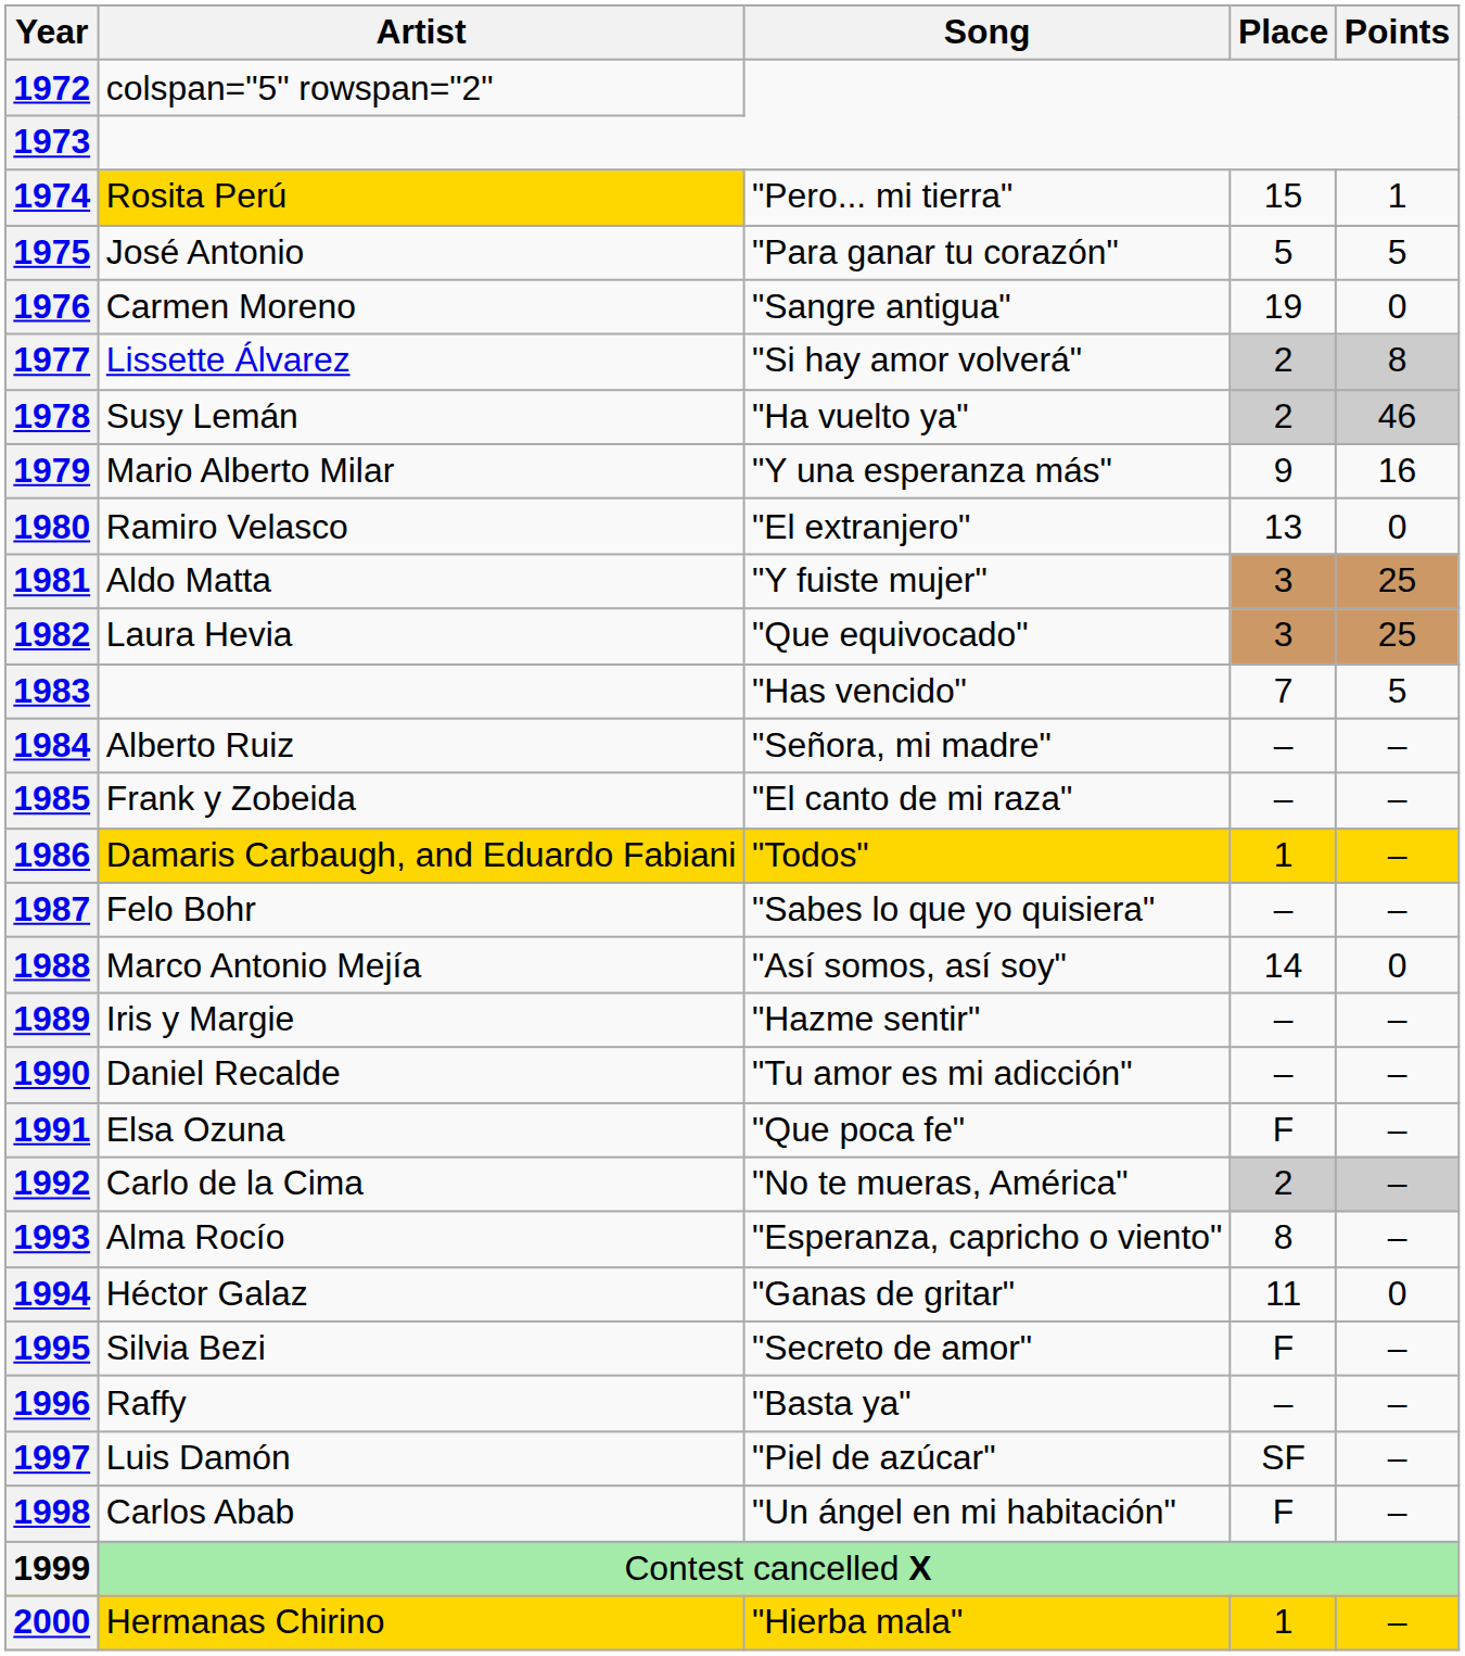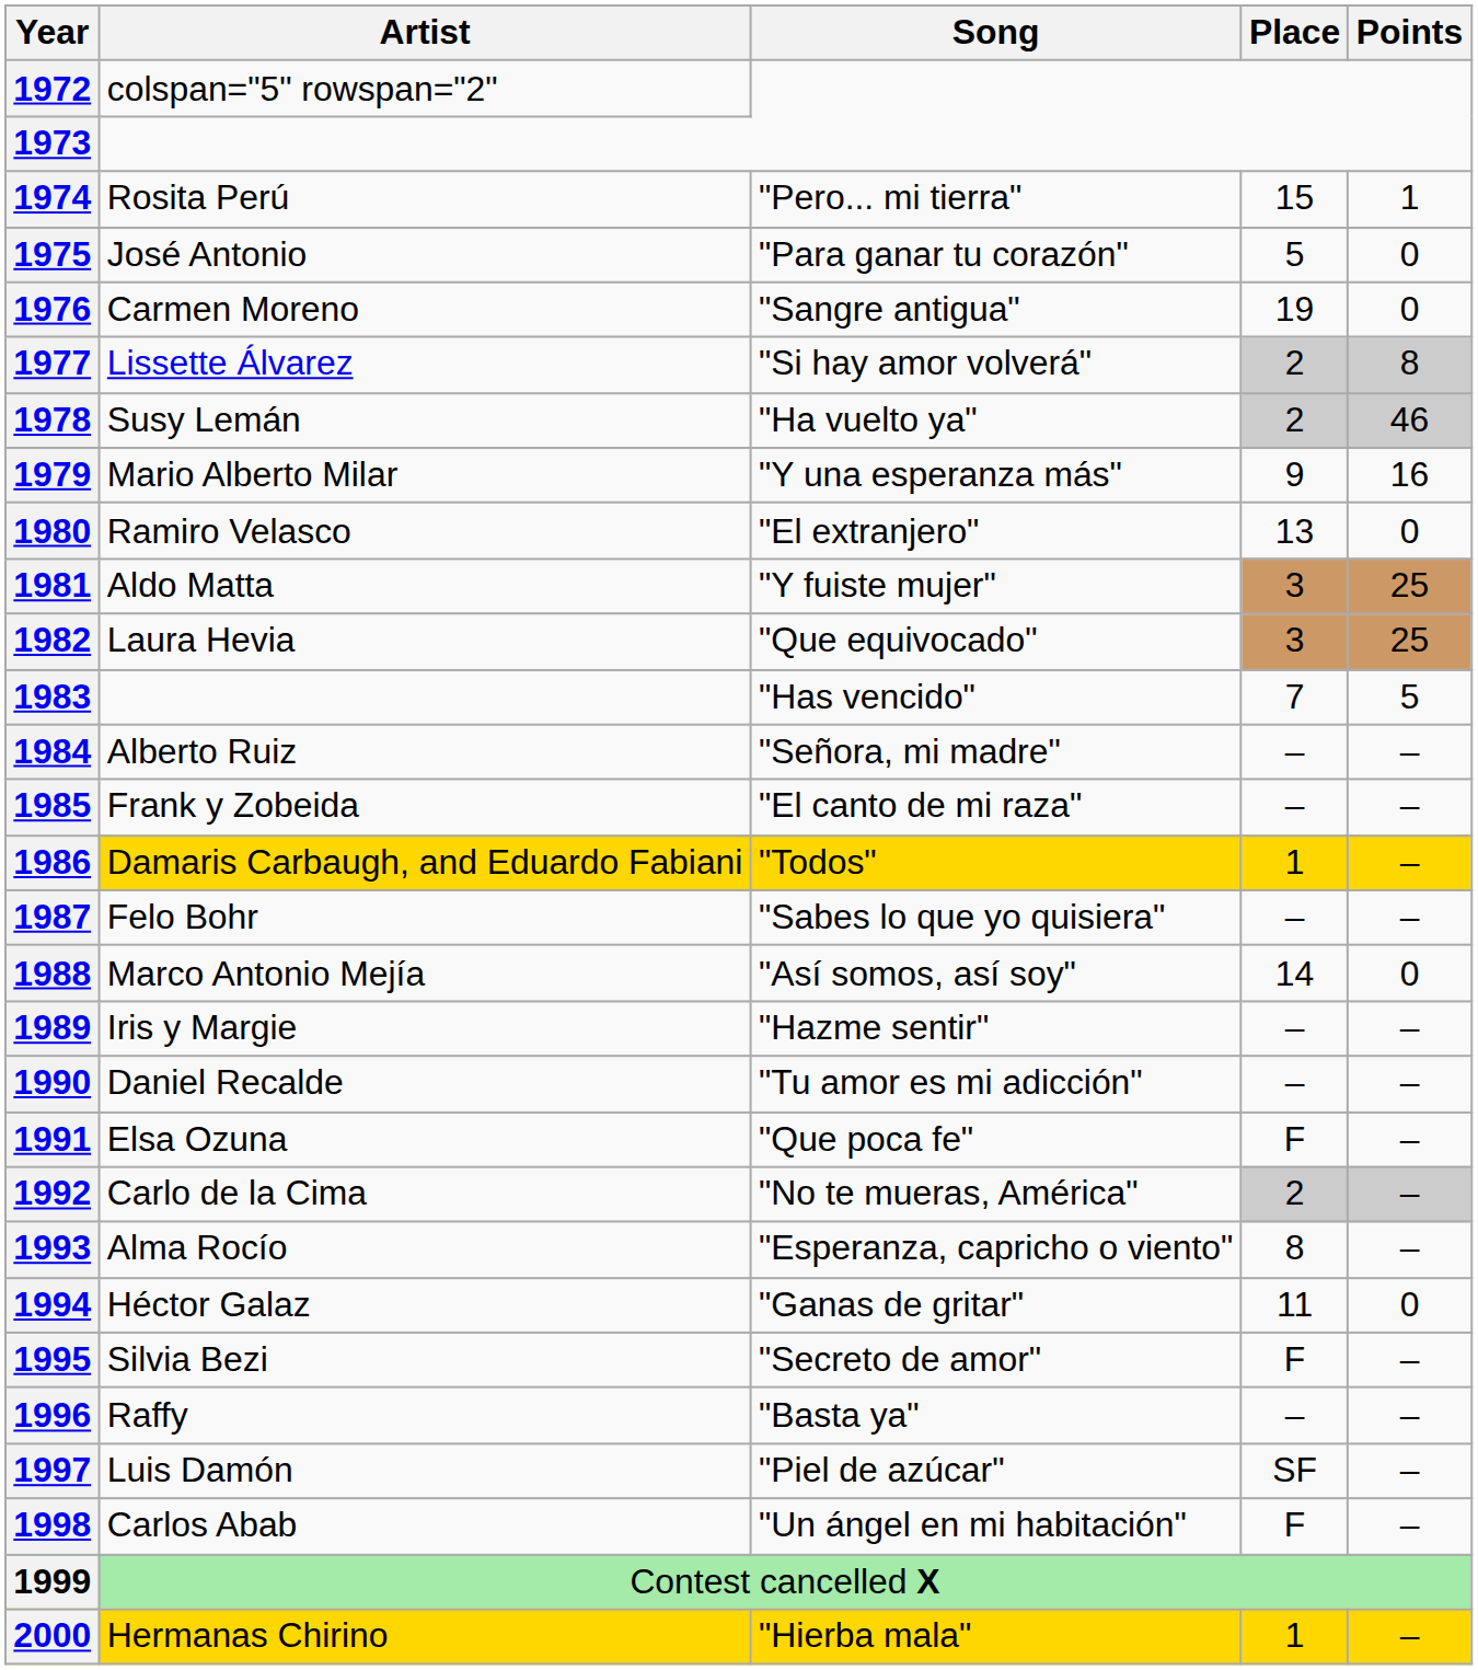 <table class="wikitable sortable plainrowheaders">
 <tr>
 <th scope="col">Year</th>
 <th scope="col">Artist</th>
 <th scope="col">Song</th>
 <th scope="col" data-sort-type="number">Place</th>
 <th scope="col" data-sort-type="number">Points</th>
 </tr>
 <tr>
 <th scope="row" style="text-align:center;"><a href='#'>1972</a></th>
 <td>colspan="5" rowspan="2" </td>
 </tr>
 <tr>
 <th scope="row" style="text-align:center;"><a href='#'>1973</a></th>
 </tr>
 <tr>
 <th scope="row" style="text-align:center;"><a href='#'>1974</a></th>
-<td style="background: gold;">Rosita Perú</td>
+<td>Rosita Perú</td>
 <td>"Pero... mi tierra"</td>
 <td style="text-align:center;">15</td>
 <td style="text-align:center;">1</td>
 </tr>
 <tr>
 <th scope="row" style="text-align:center;"><a href='#'>1975</a></th>
 <td>José Antonio</td>
 <td>"Para ganar tu corazón"</td>
 <td style="text-align:center;">5</td>
-<td style="text-align:center;">5</td>
+<td style="text-align:center;">0</td>
 </tr>
 <tr>
 <th scope="row" style="text-align:center;"><a href='#'>1976</a></th>
 <td>Carmen Moreno</td>
 <td>"Sangre antigua"</td>
 <td style="text-align:center;">19</td>
 <td style="text-align:center;">0</td>
 </tr>
 <tr>
 <th scope="row" style="text-align:center;"><a href='#'>1977</a></th>
 <td><a href='#'>Lissette Álvarez</a></td>
 <td>"Si hay amor volverá"</td>
 <td style="text-align:center; background-color:#CCC;">2</td>
 <td style="text-align:center; background-color:#CCC;">8</td>
 </tr>
 <tr>
 <th scope="row" style="text-align:center;"><a href='#'>1978</a></th>
 <td>Susy Lemán</td>
 <td>"Ha vuelto ya"</td>
 <td style="text-align:center; background-color:#CCC;">2</td>
 <td style="text-align:center; background-color:#CCC;">46</td>
 </tr>
 <tr>
 <th scope="row" style="text-align:center;"><a href='#'>1979</a></th>
 <td>Mario Alberto Milar</td>
 <td>"Y una esperanza más"</td>
 <td style="text-align:center;">9</td>
 <td style="text-align:center;">16</td>
 </tr>
 <tr>
 <th scope="row" style="text-align:center;"><a href='#'>1980</a></th>
 <td>Ramiro Velasco</td>
 <td>"El extranjero"</td>
 <td style="text-align:center;">13</td>
 <td style="text-align:center;">0</td>
 </tr>
 <tr>
 <th scope="row" style="text-align:center;"><a href='#'>1981</a></th>
 <td>Aldo Matta</td>
 <td>"Y fuiste mujer"</td>
 <td style="text-align:center; background-color:#C96;">3</td>
 <td style="text-align:center; background-color:#C96;">25</td>
 </tr>
 <tr>
 <th scope="row" style="text-align:center;"><a href='#'>1982</a></th>
 <td>Laura Hevia</td>
 <td>"Que equivocado"</td>
 <td style="text-align:center; background-color:#C96;">3</td>
 <td style="text-align:center; background-color:#C96;">25</td>
 </tr>
 <tr>
 <th scope="row" style="text-align:center;"><a href='#'>1983</a></th>
 <td></td>
 <td>"Has vencido"</td>
 <td style="text-align:center;">7</td>
 <td style="text-align:center;">5</td>
 </tr>
 <tr>
 <th scope="row" style="text-align:center;"><a href='#'>1984</a></th>
 <td>Alberto Ruiz</td>
 <td>"Señora, mi madre"</td>
 <td style="text-align:center;">–</td>
 <td style="text-align:center;">–</td>
 </tr>
 <tr>
 <th scope="row" style="text-align:center;"><a href='#'>1985</a></th>
 <td>Frank y Zobeida</td>
 <td>"El canto de mi raza"</td>
 <td style="text-align:center;">–</td>
 <td style="text-align:center;">–</td>
 </tr>
 <tr style="background-color:#FFD700;">
 <th scope="row" style="text-align:center;"><a href='#'>1986</a></th>
 <td>Damaris Carbaugh,  and Eduardo Fabiani</td>
 <td>"Todos"</td>
 <td style="text-align:center;">1</td>
 <td style="text-align:center;">–</td>
 </tr>
 <tr>
 <th scope="row" style="text-align:center;"><a href='#'>1987</a></th>
 <td>Felo Bohr</td>
 <td>"Sabes lo que yo quisiera"</td>
 <td style="text-align:center;">–</td>
 <td style="text-align:center;">–</td>
 </tr>
 <tr>
 <th scope="row" style="text-align:center;"><a href='#'>1988</a></th>
 <td>Marco Antonio Mejía</td>
 <td>"Así somos, así soy"</td>
 <td style="text-align:center;">14</td>
 <td style="text-align:center;">0</td>
 </tr>
 <tr>
 <th scope="row" style="text-align:center;"><a href='#'>1989</a></th>
 <td>Iris y Margie</td>
 <td>"Hazme sentir"</td>
 <td style="text-align:center;">–</td>
 <td style="text-align:center;">–</td>
 </tr>
 <tr>
 <th scope="row" style="text-align:center;"><a href='#'>1990</a></th>
 <td>Daniel Recalde</td>
 <td>"Tu amor es mi adicción"</td>
 <td style="text-align:center;">–</td>
 <td style="text-align:center;">–</td>
 </tr>
 <tr>
 <th scope="row" style="text-align:center;"><a href='#'>1991</a></th>
 <td>Elsa Ozuna</td>
 <td>"Que poca fe"</td>
 <td style="text-align:center;">F</td>
 <td style="text-align:center;">–</td>
 </tr>
 <tr>
 <th scope="row" style="text-align:center;"><a href='#'>1992</a></th>
 <td>Carlo de la Cima</td>
 <td>"No te mueras, América"</td>
 <td style="text-align:center; background-color:#CCC;">2</td>
 <td style="text-align:center; background-color:#CCC;">–</td>
 </tr>
 <tr>
 <th scope="row" style="text-align:center;"><a href='#'>1993</a></th>
 <td>Alma Rocío</td>
 <td>"Esperanza, capricho o viento"</td>
 <td style="text-align:center;">8</td>
 <td style="text-align:center;">–</td>
 </tr>
 <tr>
 <th scope="row" style="text-align:center;"><a href='#'>1994</a></th>
 <td>Héctor Galaz</td>
 <td>"Ganas de gritar"</td>
 <td style="text-align:center;">11</td>
 <td style="text-align:center;">0</td>
 </tr>
 <tr>
 <th scope="row" style="text-align:center;"><a href='#'>1995</a></th>
 <td>Silvia Bezi</td>
 <td>"Secreto de amor"</td>
 <td style="text-align:center;">F</td>
 <td style="text-align:center;">–</td>
 </tr>
 <tr>
 <th scope="row" style="text-align:center;"><a href='#'>1996</a></th>
 <td>Raffy</td>
 <td>"Basta ya"</td>
 <td style="text-align:center;">–</td>
 <td style="text-align:center;">–</td>
 </tr>
 <tr>
 <th scope="row" style="text-align:center;"><a href='#'>1997</a></th>
 <td>Luis Damón</td>
 <td>"Piel de azúcar"</td>
 <td style="text-align:center;">SF</td>
 <td style="text-align:center;">–</td>
 </tr>
 <tr>
 <th scope="row" style="text-align:center;"><a href='#'>1998</a></th>
 <td>Carlos Abab</td>
 <td>"Un ángel en mi habitación"</td>
 <td style="text-align:center;">F</td>
 <td style="text-align:center;">–</td>
 </tr>
 <tr style="background-color:#A4EAA9;">
 <th scope="row" style="text-align:center;">1999</th>
 <td colspan="4" style="text-align:center;">Contest cancelled <strong>X</strong></td>
 </tr>
 <tr style="background-color:#FFD700;">
 <th scope="row" style="text-align:center;"><a href='#'>2000</a></th>
 <td>Hermanas Chirino</td>
 <td>"Hierba mala"</td>
 <td style="text-align:center;">1</td>
 <td style="text-align:center;">–</td>
 </tr>
 </table>
